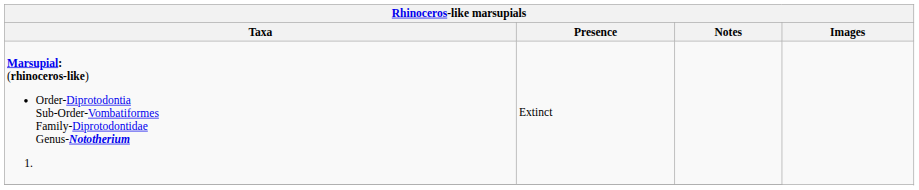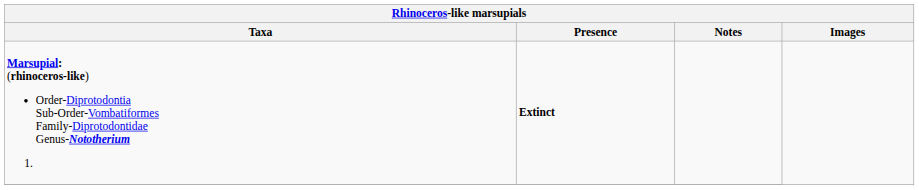 <table class="wikitable" align="center" width="100%">
 <tr>
 <th colspan="5" align="center"><strong><a href='#'>Rhinoceros</a>-like marsupials</strong></th>
 </tr>
 <tr>
 <th>Taxa</th>
 <th>Presence</th>
 <th>Notes</th>
 <th>Images</th>
 </tr>
 <tr>
 <td><br><strong><a href='#'>Marsupial</a>:</strong><br>(<strong>rhinoceros-like</strong>)<ul><li>Order-<a href='#'>Diprotodontia</a><br>Sub-Order-<a href='#'>Vombatiformes</a><br>Family-<a href='#'>Diprotodontidae</a><br>Genus-<strong><em><a href='#'>Nototherium</a></em></strong></li></ul><ol><li></li></ol></td>
-<td>Extinct</td>
+<td><strong>Extinct</strong></td>
 <td></td>
 <td rowspan="99"><br></td>
 </tr>
 <tr>
 </tr>
 </table>
